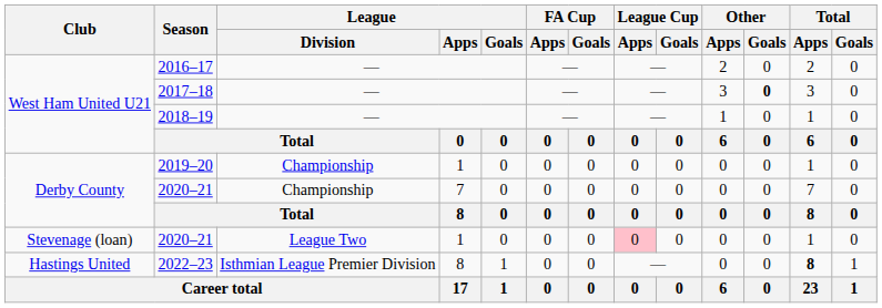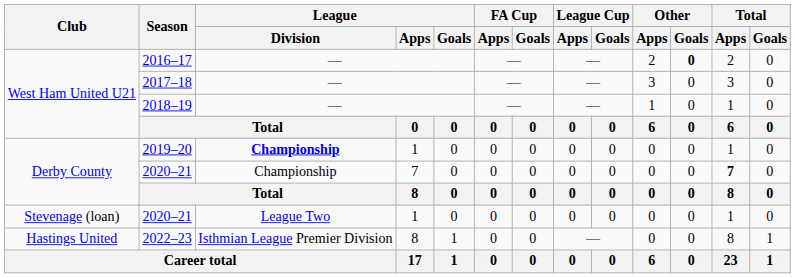 <table class="wikitable" style="text-align: center;">
 <tr>
 <th rowspan="2">Club</th>
 <th rowspan="2">Season</th>
 <th colspan="3">League</th>
 <th colspan="2">FA Cup</th>
 <th colspan="2">League Cup</th>
 <th colspan="2">Other</th>
 <th colspan="2">Total</th>
 </tr>
 <tr>
 <th>Division</th>
 <th>Apps</th>
 <th>Goals</th>
 <th>Apps</th>
 <th>Goals</th>
 <th>Apps</th>
 <th>Goals</th>
 <th>Apps</th>
 <th>Goals</th>
 <th>Apps</th>
 <th>Goals</th>
 </tr>
 <tr>
 <td rowspan="4"><a href='#'>West Ham United U21</a></td>
 <td><a href='#'>2016–17</a></td>
 <td colspan="3">—</td>
 <td colspan="2">—</td>
 <td colspan="2">—</td>
 <td>2</td>
-<td>0</td>
+<td><strong>0</strong></td>
 <td>2</td>
 <td>0</td>
 </tr>
 <tr>
 <td><a href='#'>2017–18</a></td>
 <td colspan="3">—</td>
 <td colspan="2">—</td>
 <td colspan="2">—</td>
 <td>3</td>
-<td><strong>0</strong></td>
+<td>0</td>
 <td>3</td>
 <td>0</td>
 </tr>
 <tr>
 <td><a href='#'>2018–19</a></td>
 <td colspan="3">—</td>
 <td colspan="2">—</td>
 <td colspan="2">—</td>
 <td>1</td>
 <td>0</td>
 <td>1</td>
 <td>0</td>
 </tr>
 <tr>
 <th colspan="2">Total</th>
 <th>0</th>
 <th>0</th>
 <th>0</th>
 <th>0</th>
 <th>0</th>
 <th>0</th>
 <th>6</th>
 <th>0</th>
 <th>6</th>
 <th>0</th>
 </tr>
 <tr>
 <td rowspan="3"><a href='#'>Derby County</a></td>
 <td><a href='#'>2019–20</a></td>
-<td><a href='#'>Championship</a></td>
+<td><strong><a href='#'>Championship</a></strong></td>
 <td>1</td>
 <td>0</td>
 <td>0</td>
 <td>0</td>
 <td>0</td>
 <td>0</td>
 <td>0</td>
 <td>0</td>
 <td>1</td>
 <td>0</td>
 </tr>
 <tr>
 <td><a href='#'>2020–21</a></td>
 <td>Championship</td>
 <td>7</td>
 <td>0</td>
 <td>0</td>
 <td>0</td>
 <td>0</td>
 <td>0</td>
 <td>0</td>
 <td>0</td>
-<td>7</td>
+<td><strong>7</strong></td>
 <td>0</td>
 </tr>
 <tr>
 <th colspan="2">Total</th>
 <th>8</th>
 <th>0</th>
 <th>0</th>
 <th>0</th>
 <th>0</th>
 <th>0</th>
 <th>0</th>
 <th>0</th>
 <th>8</th>
 <th>0</th>
 </tr>
 <tr>
 <td><a href='#'>Stevenage</a> (loan)</td>
 <td><a href='#'>2020–21</a></td>
 <td><a href='#'>League Two</a></td>
 <td>1</td>
 <td>0</td>
 <td>0</td>
 <td>0</td>
-<td style="background: pink;">0</td>
+<td>0</td>
 <td>0</td>
 <td>0</td>
 <td>0</td>
 <td>1</td>
 <td>0</td>
 </tr>
 <tr>
 <td><a href='#'>Hastings United</a></td>
 <td><a href='#'>2022–23</a></td>
 <td><a href='#'>Isthmian League</a> Premier Division</td>
 <td>8</td>
 <td>1</td>
 <td>0</td>
 <td>0</td>
 <td colspan="2">—</td>
 <td>0</td>
 <td>0</td>
-<td><strong>8</strong></td>
+<td>8</td>
 <td>1</td>
 </tr>
 <tr>
 <th colspan="3">Career total</th>
 <th>17</th>
 <th>1</th>
 <th>0</th>
 <th>0</th>
 <th>0</th>
 <th>0</th>
 <th>6</th>
 <th>0</th>
 <th>23</th>
 <th>1</th>
 </tr>
 </table>
